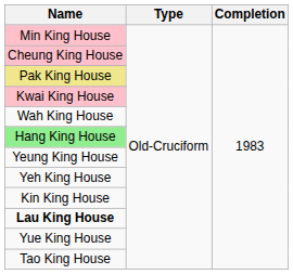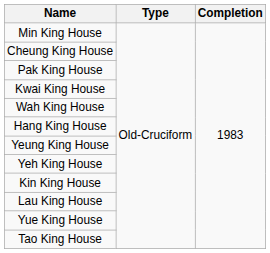 <table class="wikitable" style="text-align: center">
 <tr>
 <th>Name</th>
 <th>Type</th>
 <th>Completion</th>
 </tr>
 <tr>
-<td style="background: pink;">Min King House</td>
+<td>Min King House</td>
 <td rowspan="12">Old-Cruciform</td>
 <td rowspan="12">1983</td>
 </tr>
 <tr>
-<td style="background: pink;">Cheung King House</td>
+<td>Cheung King House</td>
 </tr>
 <tr>
-<td style="background: khaki;">Pak King House</td>
+<td>Pak King House</td>
 </tr>
 <tr>
-<td style="background: pink;">Kwai King House</td>
+<td>Kwai King House</td>
 </tr>
 <tr>
 <td>Wah King House</td>
 </tr>
 <tr>
-<td style="background: lightgreen;">Hang King House</td>
+<td>Hang King House</td>
 </tr>
 <tr>
 <td>Yeung King House</td>
 </tr>
 <tr>
 <td>Yeh King House</td>
 </tr>
 <tr>
 <td>Kin King House</td>
 </tr>
 <tr>
-<td><strong>Lau King House</strong></td>
+<td>Lau King House</td>
 </tr>
 <tr>
 <td>Yue King House</td>
 </tr>
 <tr>
 <td>Tao King House</td>
 </tr>
 </table>
